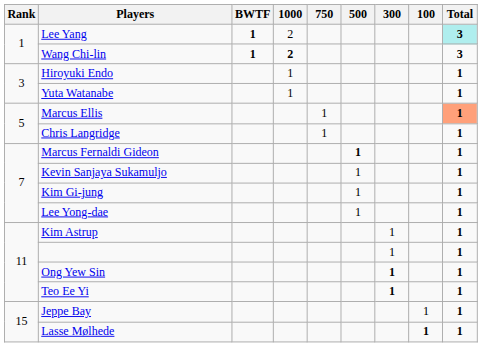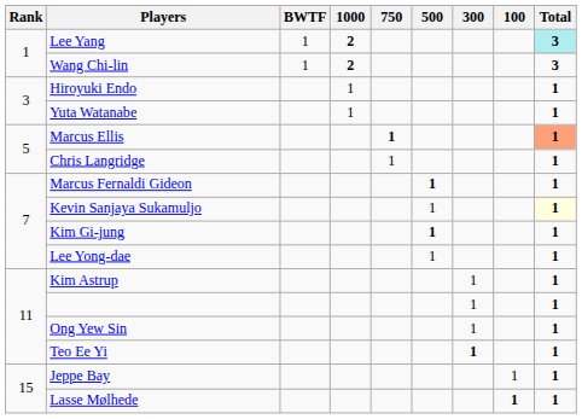 <table class="wikitable" style="font-size:80%; text-align:center">
 <tr>
 <th width="30">Rank</th>
 <th width="200">Players</th>
 <th width="30">BWTF</th>
 <th width="30">1000</th>
 <th width="30">750</th>
 <th width="30">500</th>
 <th width="30">300</th>
 <th width="30">100</th>
 <th width="30">Total</th>
 </tr>
 <tr>
 <td rowspan="2">1</td>
 <td align="left"> <a href='#'>Lee Yang</a></td>
-<td><strong>1</strong></td>
-<td>2</td>
+<td>1</td>
+<td><strong>2</strong></td>
 <td></td>
 <td></td>
 <td></td>
 <td></td>
 <td style="background: paleturquoise;"><strong>3</strong></td>
 </tr>
 <tr>
 <td align="left"> <a href='#'>Wang Chi-lin</a></td>
-<td><strong>1</strong></td>
+<td>1</td>
 <td><strong>2</strong></td>
 <td></td>
 <td></td>
 <td></td>
 <td></td>
 <td><strong>3</strong></td>
 </tr>
 <tr>
 <td rowspan="2">3</td>
 <td align="left"> <a href='#'>Hiroyuki Endo</a></td>
 <td></td>
 <td>1</td>
 <td></td>
 <td></td>
 <td></td>
 <td></td>
 <td><strong>1</strong></td>
 </tr>
 <tr>
 <td align="left"> <a href='#'>Yuta Watanabe</a></td>
 <td></td>
 <td>1</td>
 <td></td>
 <td></td>
 <td></td>
 <td></td>
 <td><strong>1</strong></td>
 </tr>
 <tr>
 <td rowspan="2">5</td>
 <td align="left"> <a href='#'>Marcus Ellis</a></td>
 <td></td>
 <td></td>
-<td>1</td>
+<td><strong>1</strong></td>
 <td></td>
 <td></td>
 <td></td>
 <td style="background: lightsalmon;"><strong>1</strong></td>
 </tr>
 <tr>
 <td align="left"> <a href='#'>Chris Langridge</a></td>
 <td></td>
 <td></td>
 <td>1</td>
 <td></td>
 <td></td>
 <td></td>
 <td><strong>1</strong></td>
 </tr>
 <tr>
 <td rowspan="4">7</td>
 <td align="left"> <a href='#'>Marcus Fernaldi Gideon</a></td>
 <td></td>
 <td></td>
 <td></td>
 <td><strong>1</strong></td>
 <td></td>
 <td></td>
 <td><strong>1</strong></td>
 </tr>
 <tr>
 <td align="left"> <a href='#'>Kevin Sanjaya Sukamuljo</a></td>
 <td></td>
 <td></td>
 <td></td>
 <td>1</td>
 <td></td>
 <td></td>
-<td><strong>1</strong></td>
+<td style="background: lightyellow;"><strong>1</strong></td>
 </tr>
 <tr>
 <td align="left"> <a href='#'>Kim Gi-jung</a></td>
 <td></td>
 <td></td>
 <td></td>
-<td>1</td>
+<td><strong>1</strong></td>
 <td></td>
 <td></td>
 <td><strong>1</strong></td>
 </tr>
 <tr>
 <td align="left"> <a href='#'>Lee Yong-dae</a></td>
 <td></td>
 <td></td>
 <td></td>
 <td>1</td>
 <td></td>
 <td></td>
 <td><strong>1</strong></td>
 </tr>
 <tr>
 <td rowspan="4">11</td>
 <td align="left"> <a href='#'>Kim Astrup</a></td>
 <td></td>
 <td></td>
 <td></td>
 <td></td>
 <td>1</td>
 <td></td>
 <td><strong>1</strong></td>
 </tr>
 <tr>
 <td align="left"></td>
 <td></td>
 <td></td>
 <td></td>
 <td></td>
 <td>1</td>
 <td></td>
 <td><strong>1</strong></td>
 </tr>
 <tr>
 <td align="left"> <a href='#'>Ong Yew Sin</a></td>
 <td></td>
 <td></td>
 <td></td>
 <td></td>
-<td><strong>1</strong></td>
+<td>1</td>
 <td></td>
 <td><strong>1</strong></td>
 </tr>
 <tr>
 <td align="left"> <a href='#'>Teo Ee Yi</a></td>
 <td></td>
 <td></td>
 <td></td>
 <td></td>
 <td><strong>1</strong></td>
 <td></td>
 <td><strong>1</strong></td>
 </tr>
 <tr>
 <td rowspan="2">15</td>
 <td align="left"> <a href='#'>Jeppe Bay</a></td>
 <td></td>
 <td></td>
 <td></td>
 <td></td>
 <td></td>
 <td>1</td>
 <td><strong>1</strong></td>
 </tr>
 <tr>
 <td align="left"> <a href='#'>Lasse Mølhede</a></td>
 <td></td>
 <td></td>
 <td></td>
 <td></td>
 <td></td>
 <td><strong>1</strong></td>
 <td><strong>1</strong></td>
 </tr>
 </table>
